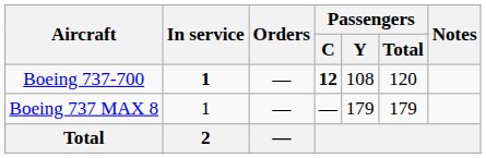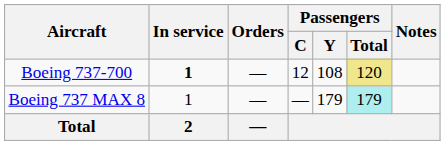 <table class="wikitable" style="border-collapse:collapse;text-align:center">
 <tr>
 <th rowspan="2">Aircraft</th>
 <th rowspan="2">In service</th>
 <th rowspan="2">Orders</th>
 <th colspan="3">Passengers</th>
 <th rowspan="2">Notes</th>
 </tr>
 <tr>
 <th><abbr>C</abbr></th>
 <th><abbr>Y</abbr></th>
 <th>Total</th>
 </tr>
 <tr>
 <td><a href='#'>Boeing 737-700</a></td>
 <td><strong>1</strong></td>
 <td>—</td>
-<td><strong>12</strong></td>
+<td>12</td>
 <td>108</td>
-<td>120</td>
+<td style="background: khaki;">120</td>
 <td></td>
 </tr>
 <tr>
 <td><a href='#'>Boeing 737 MAX 8</a></td>
 <td>1</td>
 <td>—</td>
 <td>—</td>
 <td>179</td>
-<td>179</td>
+<td style="background: paleturquoise;">179</td>
 <td></td>
 </tr>
 <tr>
 <th>Total</th>
 <th>2</th>
 <th>—</th>
 <th colspan="5"></th>
 </tr>
 </table>
